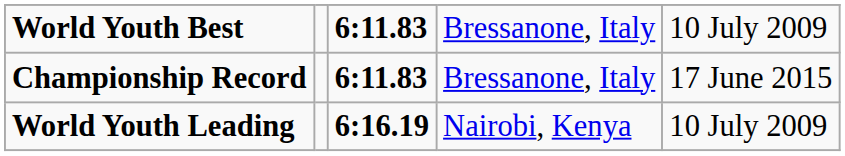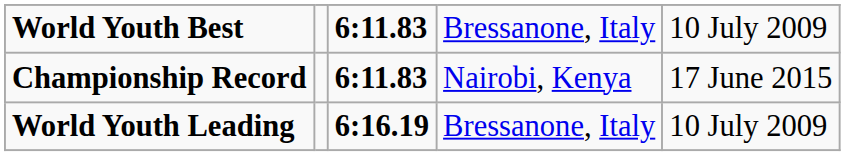 <table class="wikitable">
 <tr>
 <td><strong>World Youth Best</strong></td>
 <td></td>
 <td><strong>6:11.83</strong></td>
 <td><a href='#'>Bressanone</a>, <a href='#'>Italy</a></td>
 <td>10 July 2009</td>
 </tr>
 <tr>
 <td><strong>Championship Record</strong></td>
 <td></td>
 <td><strong>6:11.83</strong></td>
-<td><a href='#'>Bressanone</a>, <a href='#'>Italy</a></td>
+<td><a href='#'>Nairobi</a>, <a href='#'>Kenya</a></td>
 <td>17 June 2015</td>
 </tr>
 <tr>
 <td><strong>World Youth Leading</strong></td>
 <td></td>
 <td><strong>6:16.19</strong></td>
-<td><a href='#'>Nairobi</a>, <a href='#'>Kenya</a></td>
+<td><a href='#'>Bressanone</a>, <a href='#'>Italy</a></td>
 <td>10 July 2009</td>
 </tr>
 </table>
